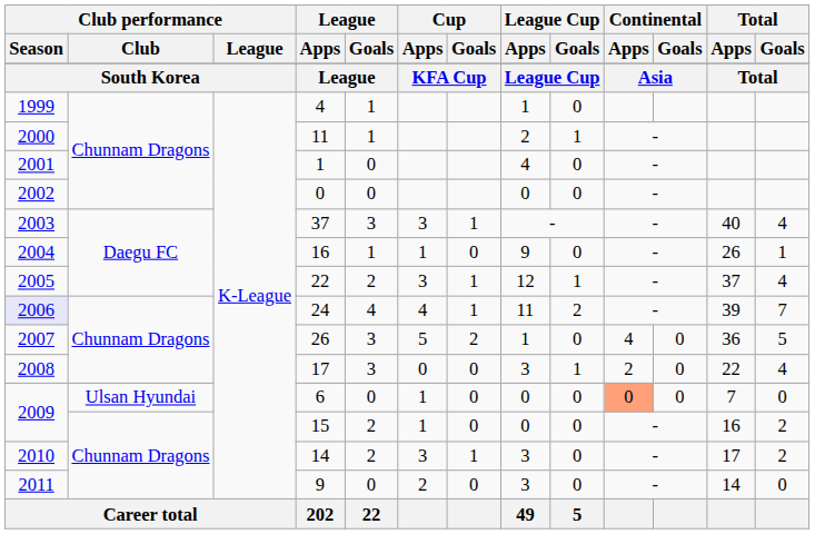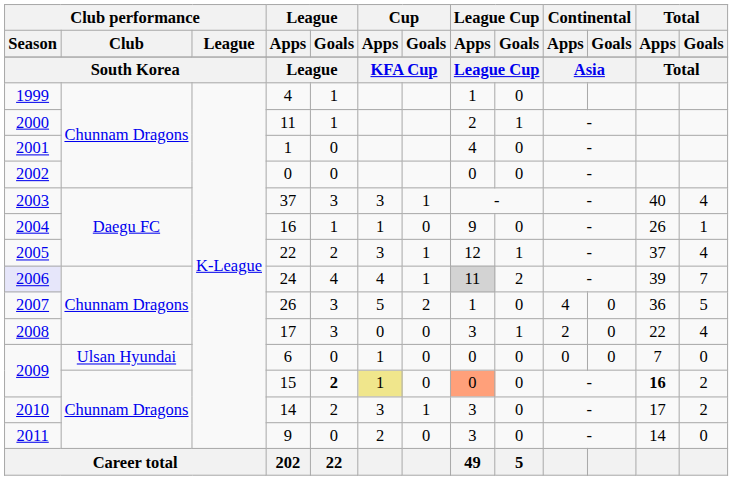 <table class="wikitable" style="text-align:center">
 <tr>
 <th colspan=3>Club performance</th>
 <th colspan=2>League</th>
 <th colspan=2>Cup</th>
 <th colspan=2>League Cup</th>
 <th colspan=2>Continental</th>
 <th colspan=2>Total</th>
 </tr>
 <tr>
 <th>Season</th>
 <th>Club</th>
 <th>League</th>
 <th>Apps</th>
 <th>Goals</th>
 <th>Apps</th>
 <th>Goals</th>
 <th>Apps</th>
 <th>Goals</th>
 <th>Apps</th>
 <th>Goals</th>
 <th>Apps</th>
 <th>Goals</th>
 </tr>
 <tr>
 </tr>
 <tr>
 <th colspan=3>South Korea</th>
 <th colspan=2>League</th>
 <th colspan=2><a href='#'>KFA Cup</a></th>
 <th colspan=2><a href='#'>League Cup</a></th>
 <th colspan=2><a href='#'>Asia</a></th>
 <th colspan=2>Total</th>
 </tr>
 <tr>
 <td><a href='#'>1999</a></td>
 <td rowspan="4"><a href='#'>Chunnam Dragons</a></td>
 <td rowspan="14"><a href='#'>K-League</a></td>
 <td>4</td>
 <td>1</td>
 <td></td>
 <td></td>
 <td>1</td>
 <td>0</td>
 <td></td>
 <td></td>
 <td></td>
 <td></td>
 </tr>
 <tr>
 <td><a href='#'>2000</a></td>
 <td>11</td>
 <td>1</td>
 <td></td>
 <td></td>
 <td>2</td>
 <td>1</td>
 <td colspan="2">-</td>
 <td></td>
 <td></td>
 </tr>
 <tr>
 <td><a href='#'>2001</a></td>
 <td>1</td>
 <td>0</td>
 <td></td>
 <td></td>
 <td>4</td>
 <td>0</td>
 <td colspan="2">-</td>
 <td></td>
 <td></td>
 </tr>
 <tr>
 <td><a href='#'>2002</a></td>
 <td>0</td>
 <td>0</td>
 <td></td>
 <td></td>
 <td>0</td>
 <td>0</td>
 <td colspan="2">-</td>
 <td></td>
 <td></td>
 </tr>
 <tr>
 <td><a href='#'>2003</a></td>
 <td rowspan="3"><a href='#'>Daegu FC</a></td>
 <td>37</td>
 <td>3</td>
 <td>3</td>
 <td>1</td>
 <td colspan="2">-</td>
 <td colspan="2">-</td>
 <td>40</td>
 <td>4</td>
 </tr>
 <tr>
 <td><a href='#'>2004</a></td>
 <td>16</td>
 <td>1</td>
 <td>1</td>
 <td>0</td>
 <td>9</td>
 <td>0</td>
 <td colspan="2">-</td>
 <td>26</td>
 <td>1</td>
 </tr>
 <tr>
 <td><a href='#'>2005</a></td>
 <td>22</td>
 <td>2</td>
 <td>3</td>
 <td>1</td>
 <td>12</td>
 <td>1</td>
 <td colspan="2">-</td>
 <td>37</td>
 <td>4</td>
 </tr>
 <tr>
 <td style="background: lavender;"><a href='#'>2006</a></td>
 <td rowspan="3"><a href='#'>Chunnam Dragons</a></td>
 <td>24</td>
 <td>4</td>
 <td>4</td>
 <td>1</td>
-<td>11</td>
+<td style="background: lightgrey;">11</td>
 <td>2</td>
 <td colspan="2">-</td>
 <td>39</td>
 <td>7</td>
 </tr>
 <tr>
 <td><a href='#'>2007</a></td>
 <td>26</td>
 <td>3</td>
 <td>5</td>
 <td>2</td>
 <td>1</td>
 <td>0</td>
 <td>4</td>
 <td>0</td>
 <td>36</td>
 <td>5</td>
 </tr>
 <tr>
 <td><a href='#'>2008</a></td>
 <td>17</td>
 <td>3</td>
 <td>0</td>
 <td>0</td>
 <td>3</td>
 <td>1</td>
 <td>2</td>
 <td>0</td>
 <td>22</td>
 <td>4</td>
 </tr>
 <tr>
 <td rowspan="2"><a href='#'>2009</a></td>
 <td><a href='#'>Ulsan Hyundai</a></td>
 <td>6</td>
 <td>0</td>
 <td>1</td>
 <td>0</td>
 <td>0</td>
 <td>0</td>
-<td style="background: lightsalmon;">0</td>
+<td>0</td>
 <td>0</td>
 <td>7</td>
 <td>0</td>
 </tr>
 <tr>
 <td rowspan="3"><a href='#'>Chunnam Dragons</a></td>
 <td>15</td>
-<td>2</td>
-<td>1</td>
+<td><strong>2</strong></td>
+<td style="background: khaki;">1</td>
 <td>0</td>
-<td>0</td>
+<td style="background: lightsalmon;">0</td>
 <td>0</td>
 <td colspan="2">-</td>
-<td>16</td>
+<td><strong>16</strong></td>
 <td>2</td>
 </tr>
 <tr>
 <td><a href='#'>2010</a></td>
 <td>14</td>
 <td>2</td>
 <td>3</td>
 <td>1</td>
 <td>3</td>
 <td>0</td>
 <td colspan="2">-</td>
 <td>17</td>
 <td>2</td>
 </tr>
 <tr>
 <td><a href='#'>2011</a></td>
 <td>9</td>
 <td>0</td>
 <td>2</td>
 <td>0</td>
 <td>3</td>
 <td>0</td>
 <td colspan="2">-</td>
 <td>14</td>
 <td>0</td>
 </tr>
 <tr>
 <th colspan=3>Career total</th>
 <th>202</th>
 <th>22</th>
 <th></th>
 <th></th>
 <th>49</th>
 <th>5</th>
 <th></th>
 <th></th>
 <th></th>
 <th></th>
 </tr>
 </table>
